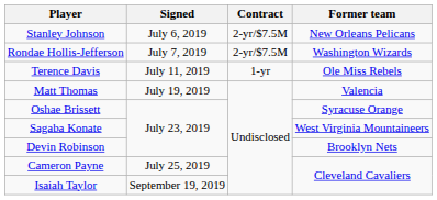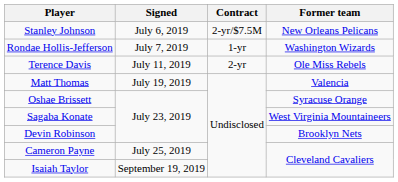 <table class="wikitable sortable sortable" style="text-align: center">
 <tr>
 <th>Player</th>
 <th>Signed</th>
 <th>Contract</th>
 <th>Former team</th>
 </tr>
 <tr>
 <td><a href='#'>Stanley Johnson</a></td>
 <td>July 6, 2019</td>
 <td>2-yr/$7.5M</td>
 <td><a href='#'>New Orleans Pelicans</a></td>
 </tr>
 <tr>
 <td><a href='#'>Rondae Hollis-Jefferson</a></td>
 <td>July 7, 2019</td>
-<td>2-yr/$7.5M</td>
+<td>1-yr</td>
 <td><a href='#'>Washington Wizards</a></td>
 </tr>
 <tr>
 <td><a href='#'>Terence Davis</a></td>
 <td>July 11, 2019</td>
-<td>1-yr</td>
+<td>2-yr</td>
 <td><a href='#'>Ole Miss Rebels</a></td>
 </tr>
 <tr>
 <td><a href='#'>Matt Thomas</a></td>
 <td>July 19, 2019</td>
 <td rowspan="6">Undisclosed</td>
 <td><a href='#'>Valencia</a></td>
 </tr>
 <tr>
 <td><a href='#'>Oshae Brissett</a></td>
 <td rowspan="3">July 23, 2019</td>
 <td><a href='#'>Syracuse Orange</a></td>
 </tr>
 <tr>
 <td><a href='#'>Sagaba Konate</a></td>
 <td><a href='#'>West Virginia Mountaineers</a></td>
 </tr>
 <tr>
 <td><a href='#'>Devin Robinson</a></td>
 <td><a href='#'>Brooklyn Nets</a></td>
 </tr>
 <tr>
 <td><a href='#'>Cameron Payne</a></td>
 <td>July 25, 2019</td>
 <td rowspan="2"><a href='#'>Cleveland Cavaliers</a></td>
 </tr>
 <tr>
 <td><a href='#'>Isaiah Taylor</a></td>
 <td>September 19, 2019</td>
 </tr>
 </table>
